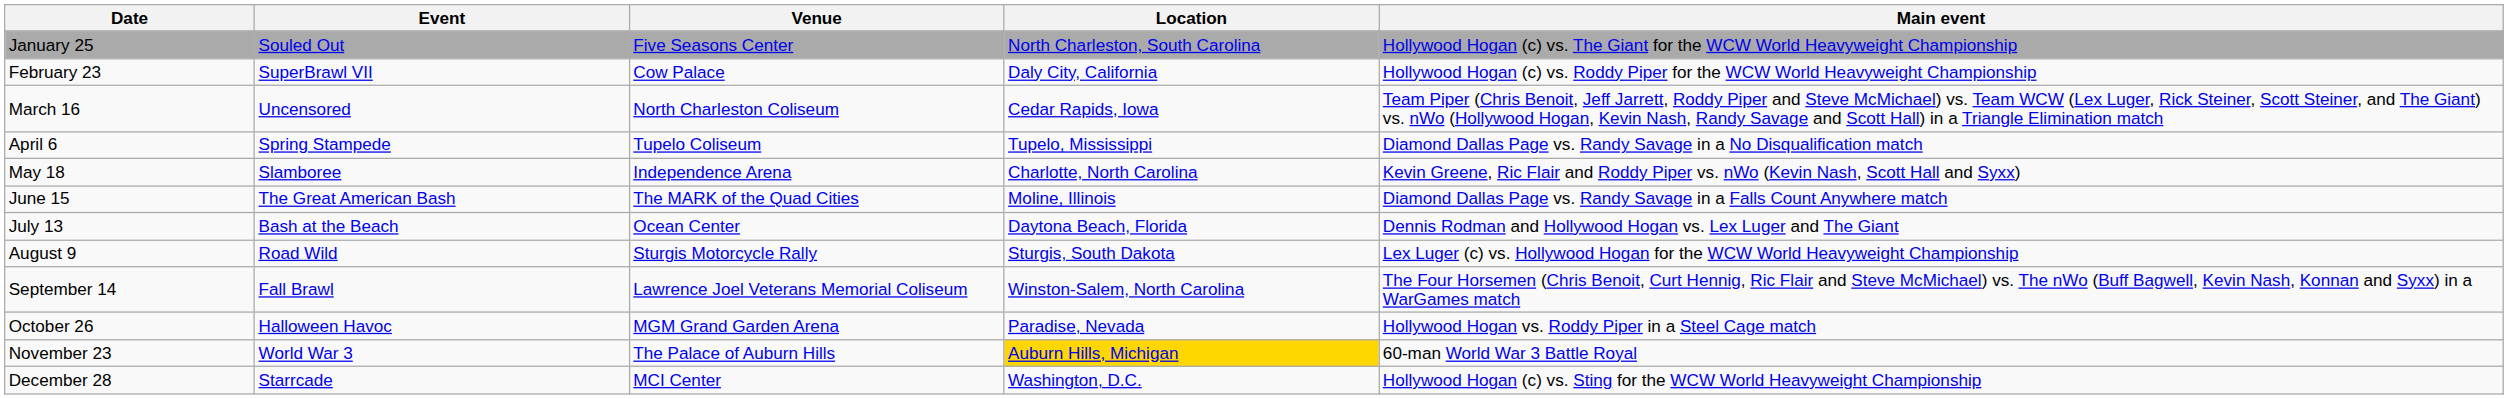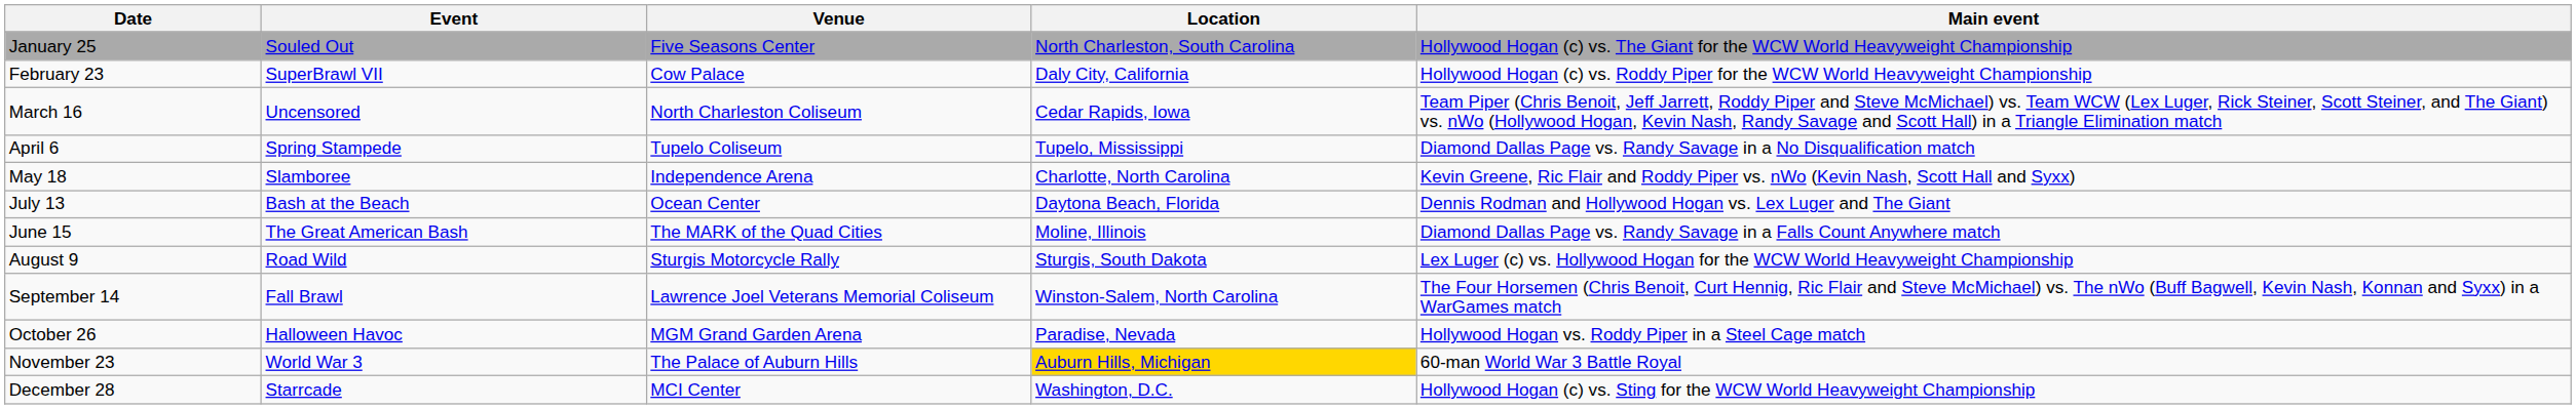 <table class="sortable wikitable succession-box" style="font-size:85%; width: 100%">
 <tr>
 <th width=10%>Date</th>
 <th width=15%>Event</th>
 <th width=15%>Venue</th>
 <th width=15%>Location</th>
 <th width=45%>Main event</th>
 </tr>
 <tr>
 </tr>
 <tr style="background: #aaaaaa">
 <td>January 25</td>
 <td><a href='#'>Souled Out</a></td>
 <td><a href='#'>Five Seasons Center</a></td>
 <td><a href='#'>North Charleston, South Carolina</a></td>
 <td><a href='#'>Hollywood Hogan</a> (c) vs. <a href='#'>The Giant</a> for the <a href='#'>WCW World Heavyweight Championship</a></td>
 </tr>
 <tr>
 <td>February 23</td>
 <td><a href='#'>SuperBrawl VII</a></td>
 <td><a href='#'>Cow Palace</a></td>
 <td><a href='#'>Daly City, California</a></td>
 <td><a href='#'>Hollywood Hogan</a> (c) vs. <a href='#'>Roddy Piper</a> for the <a href='#'>WCW World Heavyweight Championship</a></td>
 </tr>
 <tr>
 <td>March 16</td>
 <td><a href='#'>Uncensored</a></td>
 <td><a href='#'>North Charleston Coliseum</a></td>
 <td><a href='#'>Cedar Rapids, Iowa</a></td>
 <td><a href='#'>Team Piper</a> (<a href='#'>Chris Benoit</a>, <a href='#'>Jeff Jarrett</a>, <a href='#'>Roddy Piper</a> and <a href='#'>Steve McMichael</a>) vs. <a href='#'>Team WCW</a> (<a href='#'>Lex Luger</a>, <a href='#'>Rick Steiner</a>, <a href='#'>Scott Steiner</a>, and <a href='#'>The Giant</a>) vs. <a href='#'>nWo</a> (<a href='#'>Hollywood Hogan</a>, <a href='#'>Kevin Nash</a>, <a href='#'>Randy Savage</a> and <a href='#'>Scott Hall</a>) in a <a href='#'>Triangle Elimination match</a></td>
 </tr>
 <tr>
 <td>April 6</td>
 <td><a href='#'>Spring Stampede</a></td>
 <td><a href='#'>Tupelo Coliseum</a></td>
 <td><a href='#'>Tupelo, Mississippi</a></td>
 <td><a href='#'>Diamond Dallas Page</a> vs. <a href='#'>Randy Savage</a> in a <a href='#'>No Disqualification match</a></td>
 </tr>
 <tr>
 <td>May 18</td>
 <td><a href='#'>Slamboree</a></td>
 <td><a href='#'>Independence Arena</a></td>
 <td><a href='#'>Charlotte, North Carolina</a></td>
 <td><a href='#'>Kevin Greene</a>, <a href='#'>Ric Flair</a> and <a href='#'>Roddy Piper</a> vs. <a href='#'>nWo</a> (<a href='#'>Kevin Nash</a>, <a href='#'>Scott Hall</a> and <a href='#'>Syxx</a>)</td>
 </tr>
 <tr>
+<td>July 13</td>
+<td><a href='#'>Bash at the Beach</a></td>
+<td><a href='#'>Ocean Center</a></td>
+<td><a href='#'>Daytona Beach, Florida</a></td>
+<td><a href='#'>Dennis Rodman</a> and <a href='#'>Hollywood Hogan</a> vs. <a href='#'>Lex Luger</a> and <a href='#'>The Giant</a></td>
+</tr>
+<tr>
 <td>June 15</td>
 <td><a href='#'>The Great American Bash</a></td>
 <td><a href='#'>The MARK of the Quad Cities</a></td>
 <td><a href='#'>Moline, Illinois</a></td>
 <td><a href='#'>Diamond Dallas Page</a> vs. <a href='#'>Randy Savage</a> in a <a href='#'>Falls Count Anywhere match</a></td>
-</tr>
-<tr>
-<td>July 13</td>
-<td><a href='#'>Bash at the Beach</a></td>
-<td><a href='#'>Ocean Center</a></td>
-<td><a href='#'>Daytona Beach, Florida</a></td>
-<td><a href='#'>Dennis Rodman</a> and <a href='#'>Hollywood Hogan</a> vs. <a href='#'>Lex Luger</a> and <a href='#'>The Giant</a></td>
 </tr>
 <tr>
 <td>August 9</td>
 <td><a href='#'>Road Wild</a></td>
 <td><a href='#'>Sturgis Motorcycle Rally</a></td>
 <td><a href='#'>Sturgis, South Dakota</a></td>
 <td><a href='#'>Lex Luger</a> (c) vs. <a href='#'>Hollywood Hogan</a> for the <a href='#'>WCW World Heavyweight Championship</a></td>
 </tr>
 <tr>
 <td>September 14</td>
 <td><a href='#'>Fall Brawl</a></td>
 <td><a href='#'>Lawrence Joel Veterans Memorial Coliseum</a></td>
 <td><a href='#'>Winston-Salem, North Carolina</a></td>
 <td><a href='#'>The Four Horsemen</a> (<a href='#'>Chris Benoit</a>, <a href='#'>Curt Hennig</a>, <a href='#'>Ric Flair</a> and <a href='#'>Steve McMichael</a>) vs. <a href='#'>The nWo</a> (<a href='#'>Buff Bagwell</a>, <a href='#'>Kevin Nash</a>, <a href='#'>Konnan</a> and <a href='#'>Syxx</a>) in a <a href='#'>WarGames match</a></td>
 </tr>
 <tr>
 <td>October 26</td>
 <td><a href='#'>Halloween Havoc</a></td>
 <td><a href='#'>MGM Grand Garden Arena</a></td>
 <td><a href='#'>Paradise, Nevada</a></td>
 <td><a href='#'>Hollywood Hogan</a> vs. <a href='#'>Roddy Piper</a> in a <a href='#'>Steel Cage match</a></td>
 </tr>
 <tr>
 <td>November 23</td>
 <td><a href='#'>World War 3</a></td>
 <td><a href='#'>The Palace of Auburn Hills</a></td>
 <td style="background: gold;"><a href='#'>Auburn Hills, Michigan</a></td>
 <td>60-man <a href='#'>World War 3 Battle Royal</a></td>
 </tr>
 <tr>
 <td>December 28</td>
 <td><a href='#'>Starrcade</a></td>
 <td><a href='#'>MCI Center</a></td>
 <td><a href='#'>Washington, D.C.</a></td>
 <td><a href='#'>Hollywood Hogan</a> (c) vs. <a href='#'>Sting</a> for the <a href='#'>WCW World Heavyweight Championship</a></td>
 </tr>
 </table>
